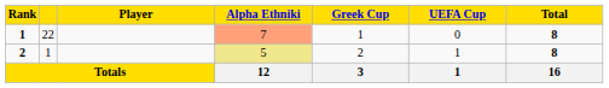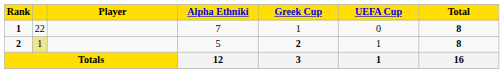 <table class="wikitable sortable" style="text-align:center">
 <tr>
 <th style="background:#FFDE00">Rank</th>
 <th style="background:#FFDE00"></th>
 <th width=200 style="background:#FFDE00">Player</th>
 <th width=120 style="background:#FFDE00"><a href='#'>Alpha Ethniki</a></th>
 <th width=120 style="background:#FFDE00"><a href='#'>Greek Cup</a></th>
 <th width=120 style="background:#FFDE00"><a href='#'>UEFA Cup</a></th>
 <th width=120 style="background:#FFDE00">Total</th>
 </tr>
 <tr>
 <td><strong>1</strong></td>
 <td>22</td>
 <td align=left></td>
-<td style="background: lightsalmon;">7</td>
+<td>7</td>
 <td>1</td>
 <td>0</td>
 <td><strong>8</strong></td>
 </tr>
 <tr>
 <td><strong>2</strong></td>
-<td>1</td>
+<td style="background: khaki;">1</td>
 <td align=left></td>
-<td style="background: khaki;">5</td>
-<td>2</td>
+<td>5</td>
+<td><strong>2</strong></td>
 <td>1</td>
 <td><strong>8</strong></td>
 </tr>
 <tr class="sortbottom">
 <th colspan=3 style="background:#FFDE00"><strong>Totals</strong></th>
 <th><strong>12</strong></th>
 <th><strong> 3</strong></th>
 <th><strong> 1</strong></th>
 <th><strong>16</strong></th>
 </tr>
 </table>
